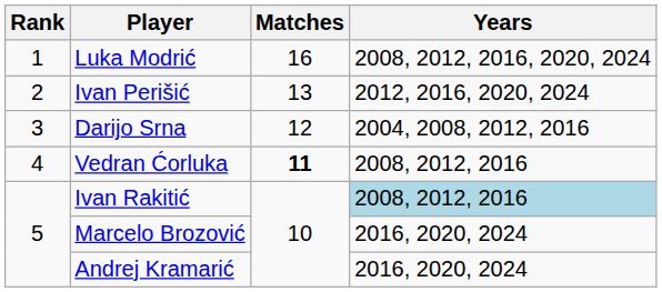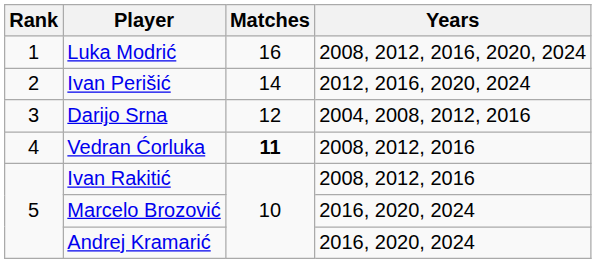 <table class="wikitable" style="text-align: left;">
 <tr>
 <th>Rank</th>
 <th>Player</th>
 <th>Matches</th>
 <th>Years</th>
 </tr>
 <tr>
 <td align=center>1</td>
 <td><a href='#'>Luka Modrić</a></td>
 <td align=center>16</td>
 <td>2008, 2012, 2016, 2020, 2024</td>
 </tr>
 <tr>
 <td align=center>2</td>
 <td><a href='#'>Ivan Perišić</a></td>
-<td align=center>13</td>
+<td align=center>14</td>
 <td>2012, 2016, 2020, 2024</td>
 </tr>
 <tr>
 <td align=center>3</td>
 <td><a href='#'>Darijo Srna</a></td>
 <td align=center>12</td>
 <td>2004, 2008, 2012, 2016</td>
 </tr>
 <tr>
 <td align=center>4</td>
 <td><a href='#'>Vedran Ćorluka</a></td>
 <td align=center><strong>11</strong></td>
 <td>2008, 2012, 2016</td>
 </tr>
 <tr>
 <td align=center rowspan=3>5</td>
 <td><a href='#'>Ivan Rakitić</a></td>
 <td align=center rowspan=3>10</td>
-<td style="background: lightblue;">2008, 2012, 2016</td>
+<td>2008, 2012, 2016</td>
 </tr>
 <tr>
 <td><a href='#'>Marcelo Brozović</a></td>
 <td>2016, 2020, 2024</td>
 </tr>
 <tr>
 <td><a href='#'>Andrej Kramarić</a></td>
 <td>2016, 2020, 2024</td>
 </tr>
 </table>
